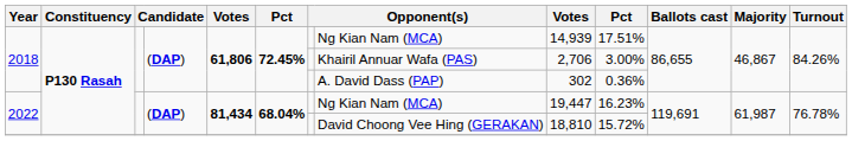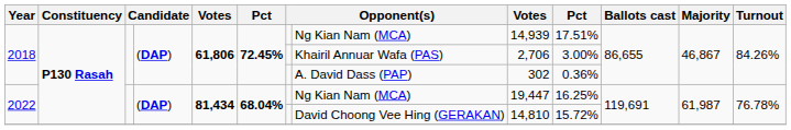 <table class="wikitable" style="margin:0.5em ; font-size:95%">
 <tr>
 <th>Year</th>
 <th>Constituency</th>
 <th colspan=2>Candidate</th>
 <th>Votes</th>
 <th>Pct</th>
 <th colspan=2>Opponent(s)</th>
 <th>Votes</th>
 <th>Pct</th>
 <th>Ballots cast</th>
 <th>Majority</th>
 <th>Turnout</th>
 </tr>
 <tr>
 <td rowspan=3><a href='#'>2018</a></td>
 <td rowspan=5><strong>P130 <a href='#'>Rasah</a></strong></td>
 <td rowspan=3 ></td>
 <td rowspan=3> (<a href='#'><strong>DAP</strong></a>)</td>
 <td rowspan=3 align="right"><strong>61,806</strong></td>
 <td rowspan=3><strong>72.45%</strong></td>
 <td></td>
 <td>Ng Kian Nam (<a href='#'>MCA</a>)</td>
 <td align="right">14,939</td>
 <td>17.51%</td>
 <td rowspan=3>86,655</td>
 <td rowspan=3>46,867</td>
 <td rowspan=3>84.26%</td>
 </tr>
 <tr>
 <td></td>
 <td>Khairil Annuar Wafa (<a href='#'>PAS</a>)</td>
 <td align="right">2,706</td>
 <td align="right">3.00%</td>
 </tr>
 <tr>
 <td bgcolor=></td>
 <td>A. David Dass (<a href='#'>PAP</a>)</td>
 <td align="right">302</td>
 <td align="right">0.36%</td>
 </tr>
 <tr>
 <td rowspan=2><a href='#'>2022</a></td>
 <td rowspan=2 ></td>
 <td rowspan=2> (<a href='#'><strong>DAP</strong></a>)</td>
 <td rowspan=2 align=right><strong>81,434</strong></td>
 <td rowspan=2><strong>68.04%</strong></td>
 <td></td>
 <td>Ng Kian Nam (<a href='#'>MCA</a>)</td>
 <td align=right>19,447</td>
-<td>16.23%</td>
+<td>16.25%</td>
 <td rowspan=2>119,691</td>
 <td rowspan=2>61,987</td>
 <td rowspan=2>76.78%</td>
 </tr>
 <tr>
 <td bgcolor=></td>
 <td>David Choong Vee Hing (<a href='#'>GERAKAN</a>)</td>
-<td align=right>18,810</td>
+<td align=right>14,810</td>
 <td>15.72%</td>
 </tr>
 <tr>
 </tr>
 </table>
